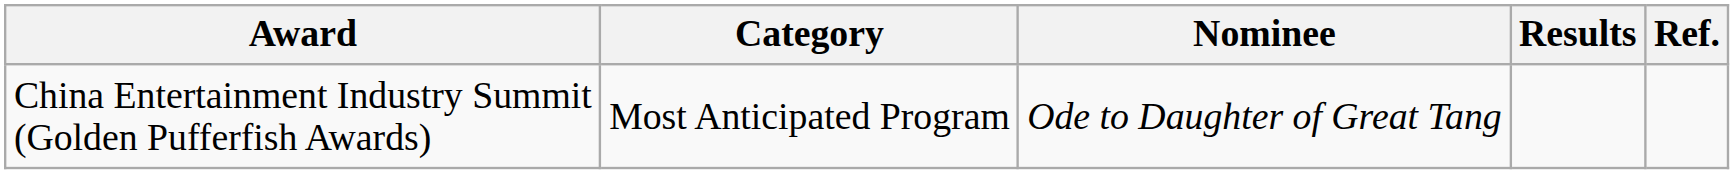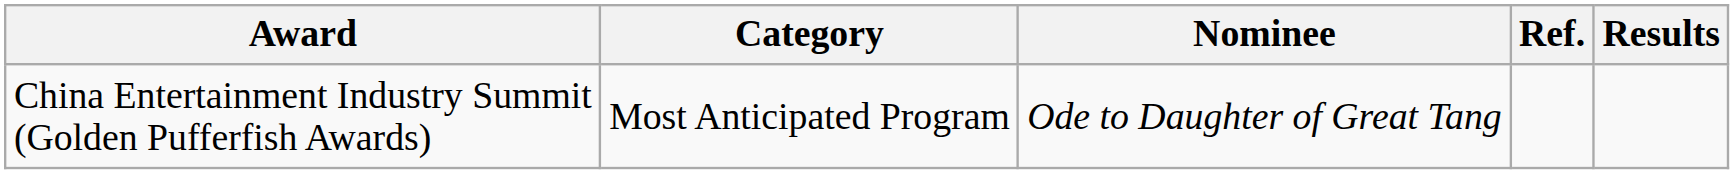 <table class="wikitable">
 <tr>
 <th>Award</th>
 <th>Category</th>
 <th>Nominee</th>
+<th>Ref.</th>
 <th>Results</th>
-<th>Ref.</th>
 </tr>
 <tr>
 <td>China Entertainment Industry Summit <br> (Golden Pufferfish Awards)</td>
 <td>Most Anticipated Program</td>
 <td><em>Ode to Daughter of Great Tang</em></td>
 <td></td>
 <td></td>
 </tr>
 </table>
